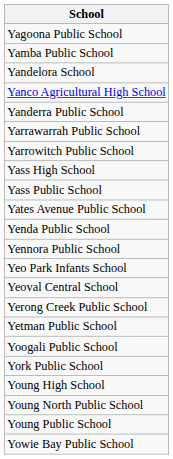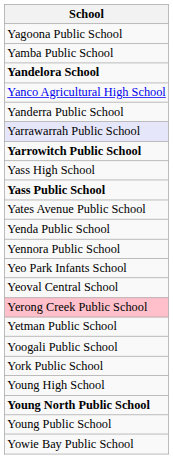 <table class="wikitable">
 <tr>
 <th>School</th>
 </tr>
 <tr>
 <td>Yagoona Public School</td>
 </tr>
 <tr>
 <td>Yamba Public School</td>
 </tr>
 <tr>
-<td>Yandelora School</td>
+<td><strong>Yandelora School</strong></td>
 </tr>
 <tr>
 <td><a href='#'>Yanco Agricultural High School</a></td>
 </tr>
 <tr>
 <td>Yanderra Public School</td>
 </tr>
 <tr>
-<td>Yarrawarrah Public School</td>
+<td style="background: lavender;">Yarrawarrah Public School</td>
 </tr>
 <tr>
-<td>Yarrowitch Public School</td>
+<td><strong>Yarrowitch Public School</strong></td>
 </tr>
 <tr>
 <td>Yass High School</td>
 </tr>
 <tr>
-<td>Yass Public School</td>
+<td><strong>Yass Public School</strong></td>
 </tr>
 <tr>
 <td>Yates Avenue Public School</td>
 </tr>
 <tr>
 <td>Yenda Public School</td>
 </tr>
 <tr>
 <td>Yennora Public School</td>
 </tr>
 <tr>
 <td>Yeo Park Infants School</td>
 </tr>
 <tr>
 <td>Yeoval Central School</td>
 </tr>
 <tr>
-<td>Yerong Creek Public School</td>
+<td style="background: pink;">Yerong Creek Public School</td>
 </tr>
 <tr>
 <td>Yetman Public School</td>
 </tr>
 <tr>
 <td>Yoogali Public School</td>
 </tr>
 <tr>
 <td>York Public School</td>
 </tr>
 <tr>
 <td>Young High School</td>
 </tr>
 <tr>
-<td>Young North Public School</td>
+<td><strong>Young North Public School</strong></td>
 </tr>
 <tr>
 <td>Young Public School</td>
 </tr>
 <tr>
 <td>Yowie Bay Public School</td>
 </tr>
 </table>
